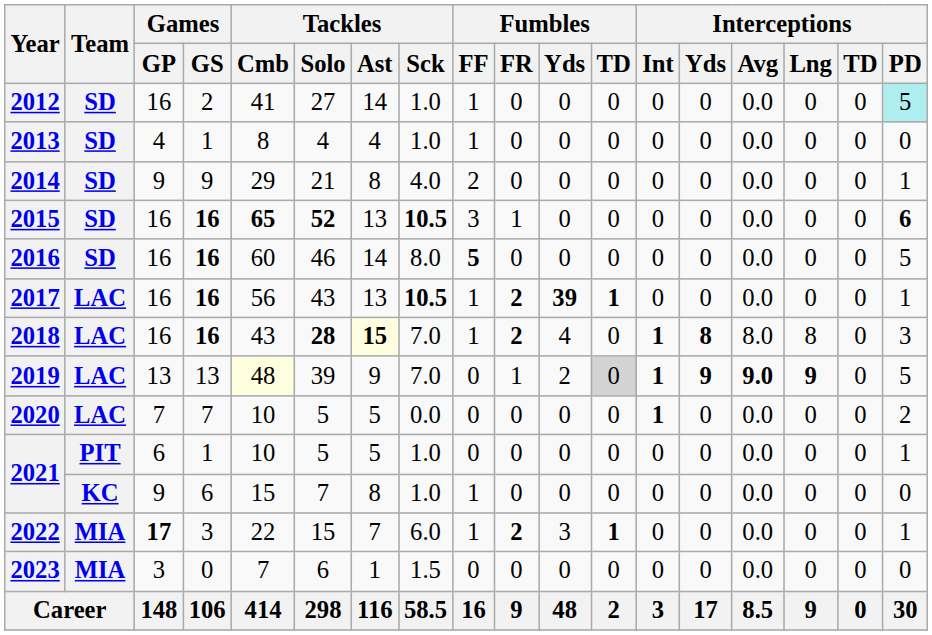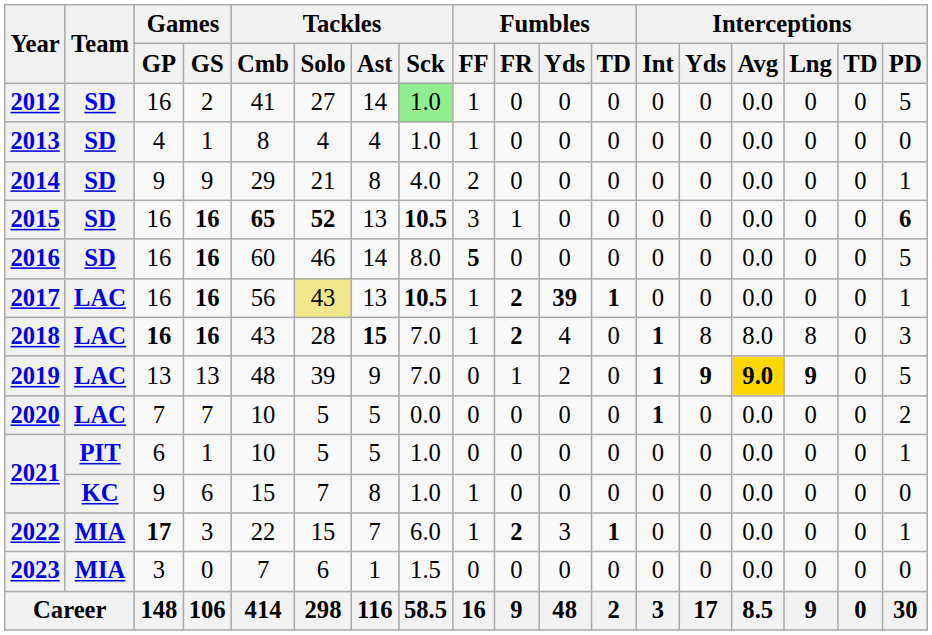 <table class="wikitable" style="text-align: center;">
 <tr>
 <th rowspan="2">Year</th>
 <th rowspan="2">Team</th>
 <th colspan="2">Games</th>
 <th colspan="4">Tackles</th>
 <th colspan="4">Fumbles</th>
 <th colspan="6">Interceptions</th>
 </tr>
 <tr>
 <th>GP</th>
 <th>GS</th>
 <th>Cmb</th>
 <th>Solo</th>
 <th>Ast</th>
 <th>Sck</th>
 <th>FF</th>
 <th>FR</th>
 <th>Yds</th>
 <th>TD</th>
 <th>Int</th>
 <th>Yds</th>
 <th>Avg</th>
 <th>Lng</th>
 <th>TD</th>
 <th>PD</th>
 </tr>
 <tr>
 <th><a href='#'>2012</a></th>
 <th><a href='#'>SD</a></th>
 <td>16</td>
 <td>2</td>
 <td>41</td>
 <td>27</td>
 <td>14</td>
-<td>1.0</td>
+<td style="background: lightgreen;">1.0</td>
 <td>1</td>
 <td>0</td>
 <td>0</td>
 <td>0</td>
 <td>0</td>
 <td>0</td>
 <td>0.0</td>
 <td>0</td>
 <td>0</td>
-<td style="background: paleturquoise;">5</td>
+<td>5</td>
 </tr>
 <tr>
 <th><a href='#'>2013</a></th>
 <th><a href='#'>SD</a></th>
 <td>4</td>
 <td>1</td>
 <td>8</td>
 <td>4</td>
 <td>4</td>
 <td>1.0</td>
 <td>1</td>
 <td>0</td>
 <td>0</td>
 <td>0</td>
 <td>0</td>
 <td>0</td>
 <td>0.0</td>
 <td>0</td>
 <td>0</td>
 <td>0</td>
 </tr>
 <tr>
 <th><a href='#'>2014</a></th>
 <th><a href='#'>SD</a></th>
 <td>9</td>
 <td>9</td>
 <td>29</td>
 <td>21</td>
 <td>8</td>
 <td>4.0</td>
 <td>2</td>
 <td>0</td>
 <td>0</td>
 <td>0</td>
 <td>0</td>
 <td>0</td>
 <td>0.0</td>
 <td>0</td>
 <td>0</td>
 <td>1</td>
 </tr>
 <tr>
 <th><a href='#'>2015</a></th>
 <th><a href='#'>SD</a></th>
 <td>16</td>
 <td><strong>16</strong></td>
 <td><strong>65</strong></td>
 <td><strong>52</strong></td>
 <td>13</td>
 <td><strong>10.5</strong></td>
 <td>3</td>
 <td>1</td>
 <td>0</td>
 <td>0</td>
 <td>0</td>
 <td>0</td>
 <td>0.0</td>
 <td>0</td>
 <td>0</td>
 <td><strong>6</strong></td>
 </tr>
 <tr>
 <th><a href='#'>2016</a></th>
 <th><a href='#'>SD</a></th>
 <td>16</td>
 <td><strong>16</strong></td>
 <td>60</td>
 <td>46</td>
 <td>14</td>
 <td>8.0</td>
 <td><strong>5</strong></td>
 <td>0</td>
 <td>0</td>
 <td>0</td>
 <td>0</td>
 <td>0</td>
 <td>0.0</td>
 <td>0</td>
 <td>0</td>
 <td>5</td>
 </tr>
 <tr>
 <th><a href='#'>2017</a></th>
 <th><a href='#'>LAC</a></th>
 <td>16</td>
 <td><strong>16</strong></td>
 <td>56</td>
-<td>43</td>
+<td style="background: khaki;">43</td>
 <td>13</td>
 <td><strong>10.5</strong></td>
 <td>1</td>
 <td><strong>2</strong></td>
 <td><strong>39</strong></td>
 <td><strong>1</strong></td>
 <td>0</td>
 <td>0</td>
 <td>0.0</td>
 <td>0</td>
 <td>0</td>
 <td>1</td>
 </tr>
 <tr>
 <th><a href='#'>2018</a></th>
 <th><a href='#'>LAC</a></th>
-<td>16</td>
+<td><strong>16</strong></td>
 <td><strong>16</strong></td>
 <td>43</td>
-<td><strong>28</strong></td>
-<td style="background: lightyellow;"><strong>15</strong></td>
+<td>28</td>
+<td><strong>15</strong></td>
 <td>7.0</td>
 <td>1</td>
 <td><strong>2</strong></td>
 <td>4</td>
 <td>0</td>
 <td><strong>1</strong></td>
-<td><strong>8</strong></td>
+<td>8</td>
 <td>8.0</td>
 <td>8</td>
 <td>0</td>
 <td>3</td>
 </tr>
 <tr>
 <th><a href='#'>2019</a></th>
 <th><a href='#'>LAC</a></th>
 <td>13</td>
 <td>13</td>
-<td style="background: lightyellow;">48</td>
+<td>48</td>
 <td>39</td>
 <td>9</td>
 <td>7.0</td>
 <td>0</td>
 <td>1</td>
 <td>2</td>
-<td style="background: lightgrey;">0</td>
+<td>0</td>
 <td><strong>1</strong></td>
 <td><strong>9</strong></td>
-<td><strong>9.0</strong></td>
+<td style="background: gold;"><strong>9.0</strong></td>
 <td><strong>9</strong></td>
 <td>0</td>
 <td>5</td>
 </tr>
 <tr>
 <th><a href='#'>2020</a></th>
 <th><a href='#'>LAC</a></th>
 <td>7</td>
 <td>7</td>
 <td>10</td>
 <td>5</td>
 <td>5</td>
 <td>0.0</td>
 <td>0</td>
 <td>0</td>
 <td>0</td>
 <td>0</td>
 <td><strong>1</strong></td>
 <td>0</td>
 <td>0.0</td>
 <td>0</td>
 <td>0</td>
 <td>2</td>
 </tr>
 <tr>
 <th rowspan="2"><a href='#'>2021</a></th>
 <th><a href='#'>PIT</a></th>
 <td>6</td>
 <td>1</td>
 <td>10</td>
 <td>5</td>
 <td>5</td>
 <td>1.0</td>
 <td>0</td>
 <td>0</td>
 <td>0</td>
 <td>0</td>
 <td>0</td>
 <td>0</td>
 <td>0.0</td>
 <td>0</td>
 <td>0</td>
 <td>1</td>
 </tr>
 <tr>
 <th><a href='#'>KC</a></th>
 <td>9</td>
 <td>6</td>
 <td>15</td>
 <td>7</td>
 <td>8</td>
 <td>1.0</td>
 <td>1</td>
 <td>0</td>
 <td>0</td>
 <td>0</td>
 <td>0</td>
 <td>0</td>
 <td>0.0</td>
 <td>0</td>
 <td>0</td>
 <td>0</td>
 </tr>
 <tr>
 <th><a href='#'>2022</a></th>
 <th><a href='#'>MIA</a></th>
 <td><strong>17</strong></td>
 <td>3</td>
 <td>22</td>
 <td>15</td>
 <td>7</td>
 <td>6.0</td>
 <td>1</td>
 <td><strong>2</strong></td>
 <td>3</td>
 <td><strong>1</strong></td>
 <td>0</td>
 <td>0</td>
 <td>0.0</td>
 <td>0</td>
 <td>0</td>
 <td>1</td>
 </tr>
 <tr>
 <th><a href='#'>2023</a></th>
 <th><a href='#'>MIA</a></th>
 <td>3</td>
 <td>0</td>
 <td>7</td>
 <td>6</td>
 <td>1</td>
 <td>1.5</td>
 <td>0</td>
 <td>0</td>
 <td>0</td>
 <td>0</td>
 <td>0</td>
 <td>0</td>
 <td>0.0</td>
 <td>0</td>
 <td>0</td>
 <td>0</td>
 </tr>
 <tr>
 <th colspan="2">Career</th>
 <th>148</th>
 <th>106</th>
 <th>414</th>
 <th>298</th>
 <th>116</th>
 <th>58.5</th>
 <th>16</th>
 <th>9</th>
 <th>48</th>
 <th>2</th>
 <th>3</th>
 <th>17</th>
 <th>8.5</th>
 <th>9</th>
 <th>0</th>
 <th>30</th>
 </tr>
 </table>
